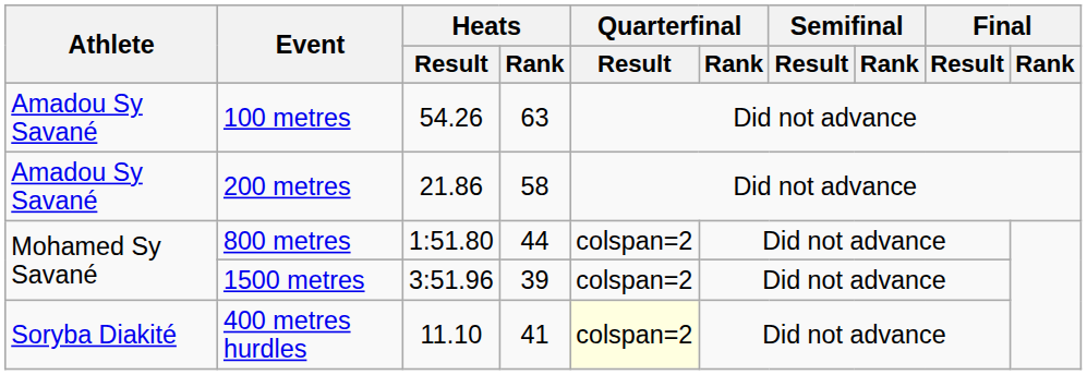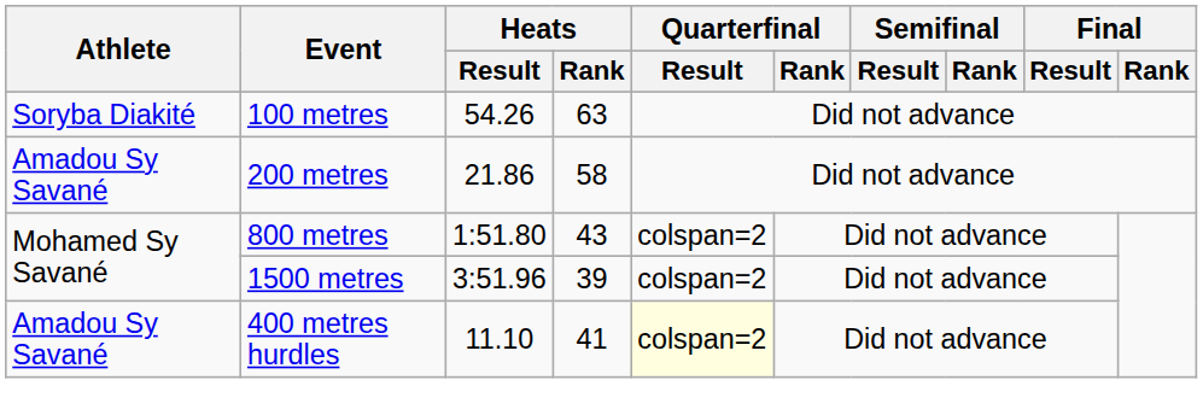 <table class="wikitable" style="font-size:90%">
 <tr>
 <th rowspan="2">Athlete</th>
 <th rowspan="2">Event</th>
 <th colspan="2">Heats</th>
 <th colspan="2">Quarterfinal</th>
 <th colspan="2">Semifinal</th>
 <th colspan="2">Final</th>
 </tr>
 <tr style="font-size:95%">
 <th>Result</th>
 <th>Rank</th>
 <th>Result</th>
 <th>Rank</th>
 <th>Result</th>
 <th>Rank</th>
 <th>Result</th>
 <th>Rank</th>
 </tr>
 <tr align=center>
-<td align=left><a href='#'>Amadou Sy Savané</a></td>
+<td align=left><a href='#'>Soryba Diakité</a></td>
 <td align=left><a href='#'>100 metres</a></td>
 <td>54.26</td>
 <td>63</td>
 <td colspan=6>Did not advance</td>
 </tr>
 <tr align=center>
 <td align=left><a href='#'>Amadou Sy Savané</a></td>
 <td align=left><a href='#'>200 metres</a></td>
 <td>21.86</td>
 <td>58</td>
 <td colspan=6>Did not advance</td>
 </tr>
 <tr align=center>
 <td align=left rowspan=2>Mohamed Sy Savané</td>
 <td align=left><a href='#'>800 metres</a></td>
 <td>1:51.80</td>
-<td>44</td>
+<td>43</td>
 <td>colspan=2</td>
 <td colspan=4>Did not advance</td>
 </tr>
 <tr align=center>
 <td align=left><a href='#'>1500 metres</a></td>
 <td>3:51.96</td>
 <td>39</td>
 <td>colspan=2</td>
 <td colspan=4>Did not advance</td>
 </tr>
 <tr align=center>
-<td align=left><a href='#'>Soryba Diakité</a></td>
+<td align=left><a href='#'>Amadou Sy Savané</a></td>
 <td align=left><a href='#'>400 metres hurdles</a></td>
 <td>11.10</td>
 <td>41</td>
 <td style="background: lightyellow;">colspan=2</td>
 <td colspan=4>Did not advance</td>
 </tr>
 </table>
